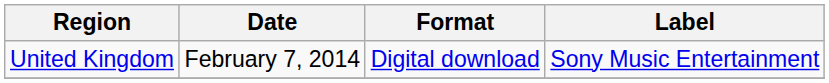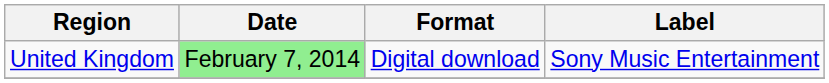 <table class=wikitable>
 <tr>
 <th>Region</th>
 <th>Date</th>
 <th>Format</th>
 <th>Label</th>
 </tr>
 <tr>
 <td><a href='#'>United Kingdom</a></td>
-<td>February 7, 2014</td>
+<td style="background: lightgreen;">February 7, 2014</td>
 <td><a href='#'>Digital download</a></td>
 <td><a href='#'>Sony Music Entertainment</a></td>
 </tr>
 <tr>
 </tr>
 </table>
